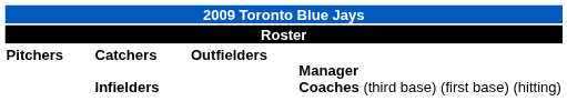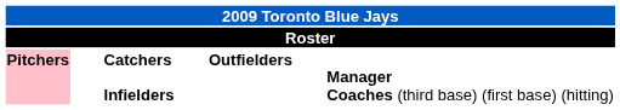 <table class="toccolours" style="font-size: 95%;">
 <tr http://upload.wikimedia.org/wikipedia/en/c/c8/Button_redirect.png>
 <th colspan="10" style="background-color: #005ac0; color: #FFFFFF; text-align: center;">2009 Toronto Blue Jays</th>
 </tr>
 <tr>
 <td colspan="10" style="background-color: black; color: white; text-align: center;"><strong>Roster</strong></td>
 </tr>
 <tr>
-<td valign="top"><strong>Pitchers</strong><br>                       </td>
+<td valign="top" style="background: pink;"><strong>Pitchers</strong><br>                       </td>
 <td width="25px"></td>
 <td valign="top"><strong>Catchers</strong><br>   <br><strong>Infielders</strong>        </td>
 <td width="25px"></td>
 <td valign="top"><strong>Outfielders</strong><br>       </td>
 <td width="25px"></td>
 <td valign="top"><br><strong>Manager</strong> <br><strong>Coaches</strong>    (third base)  (first base)  (hitting) </td>
 </tr>
 </table>
